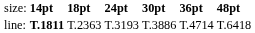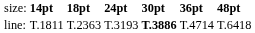 <table style="margin-left:40px;">
 <tr>
 <td>size:</td>
 <td><strong>14pt</strong></td>
 <td><strong>18pt</strong></td>
 <td><strong>24pt</strong></td>
 <td><strong>30pt</strong></td>
 <td><strong>36pt</strong></td>
 <td><strong>48pt</strong></td>
 </tr>
 <tr>
 <td>line:</td>
-<td><strong>T.1811</strong></td>
+<td>T.1811</td>
 <td>T.2363</td>
 <td>T.3193</td>
-<td>T.3886</td>
+<td><strong>T.3886</strong></td>
 <td>T.4714</td>
 <td>T.6418</td>
 </tr>
 </table>
